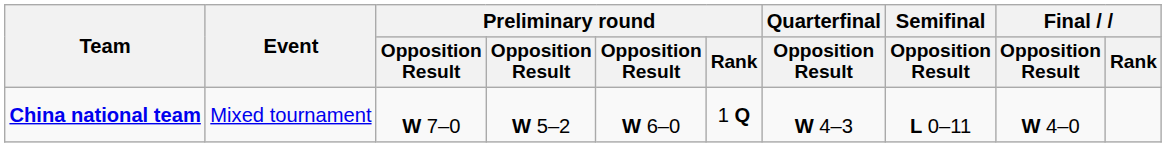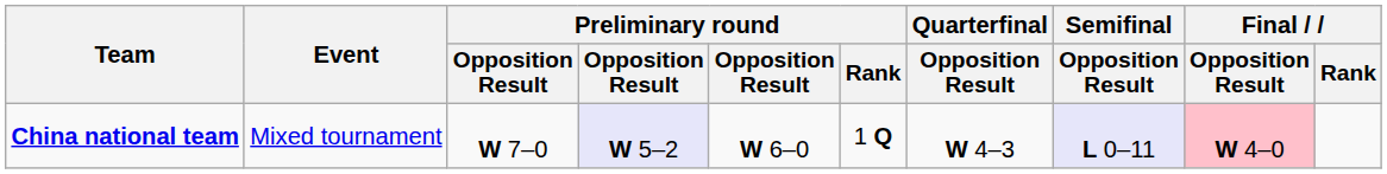 <table class=wikitable style="font-size:90%; text-align:center">
 <tr>
 <th rowspan=2>Team</th>
 <th rowspan=2>Event</th>
 <th colspan=4>Preliminary round</th>
 <th>Quarterfinal</th>
 <th>Semifinal</th>
 <th colspan=2>Final /  / </th>
 </tr>
 <tr style=font-size:95%>
 <th>Opposition<br>Result</th>
 <th>Opposition<br>Result</th>
 <th>Opposition<br>Result</th>
 <th>Rank</th>
 <th>Opposition<br>Result</th>
 <th>Opposition<br>Result</th>
 <th>Opposition<br>Result</th>
 <th>Rank</th>
 </tr>
 <tr>
 <td align=left><strong><a href='#'>China national team</a></strong></td>
 <td align=left><a href='#'>Mixed tournament</a></td>
 <td><br><strong>W</strong> 7–0</td>
-<td><br><strong>W</strong> 5–2</td>
+<td style="background: lavender;"><br><strong>W</strong> 5–2</td>
 <td><br><strong>W</strong> 6–0</td>
 <td>1 <strong>Q</strong></td>
 <td><br><strong>W</strong> 4–3</td>
-<td><br><strong>L</strong> 0–11</td>
-<td><br><strong>W</strong> 4–0</td>
+<td style="background: lavender;"><br><strong>L</strong> 0–11</td>
+<td style="background: pink;"><br><strong>W</strong> 4–0</td>
 <td></td>
 </tr>
 </table>
